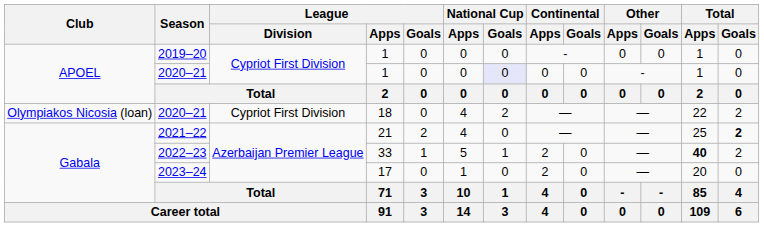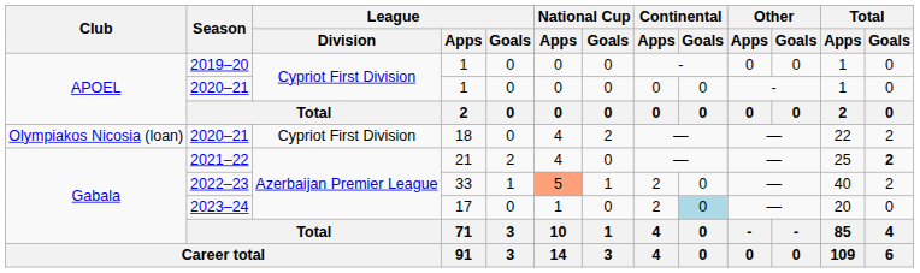 <table class="wikitable" style="text-align:center">
 <tr>
 <th rowspan="2">Club</th>
 <th rowspan="2">Season</th>
 <th colspan="3">League</th>
 <th colspan="2">National Cup</th>
 <th colspan="2">Continental</th>
 <th colspan="2">Other</th>
 <th colspan="2">Total</th>
 </tr>
 <tr>
 <th>Division</th>
 <th>Apps</th>
 <th>Goals</th>
 <th>Apps</th>
 <th>Goals</th>
 <th>Apps</th>
 <th>Goals</th>
 <th>Apps</th>
 <th>Goals</th>
 <th>Apps</th>
 <th>Goals</th>
 </tr>
 <tr>
 <td rowspan="3"><a href='#'>APOEL</a></td>
 <td><a href='#'>2019–20</a></td>
 <td rowspan="2"><a href='#'>Cypriot First Division</a></td>
 <td>1</td>
 <td>0</td>
 <td>0</td>
 <td>0</td>
 <td colspan="2">-</td>
 <td>0</td>
 <td>0</td>
 <td>1</td>
 <td>0</td>
 </tr>
 <tr>
 <td><a href='#'>2020–21</a></td>
 <td>1</td>
 <td>0</td>
 <td>0</td>
-<td style="background: lavender;">0</td>
+<td>0</td>
 <td>0</td>
 <td>0</td>
 <td colspan="2">-</td>
 <td>1</td>
 <td>0</td>
 </tr>
 <tr>
 <th colspan="2">Total</th>
 <th>2</th>
 <th>0</th>
 <th>0</th>
 <th>0</th>
 <th>0</th>
 <th>0</th>
 <th>0</th>
 <th>0</th>
 <th>2</th>
 <th>0</th>
 </tr>
 <tr>
 <td><a href='#'>Olympiakos Nicosia</a> (loan)</td>
 <td><a href='#'>2020–21</a></td>
 <td>Cypriot First Division</td>
 <td>18</td>
 <td>0</td>
 <td>4</td>
 <td>2</td>
 <td colspan="2">—</td>
 <td colspan="2">—</td>
 <td>22</td>
 <td>2</td>
 </tr>
 <tr>
 <td rowspan="4"><a href='#'>Gabala</a></td>
 <td><a href='#'>2021–22</a></td>
 <td rowspan="3"><a href='#'>Azerbaijan Premier League</a></td>
 <td>21</td>
 <td>2</td>
 <td>4</td>
 <td>0</td>
 <td colspan="2">—</td>
 <td colspan="2">—</td>
 <td>25</td>
 <td><strong>2</strong></td>
 </tr>
 <tr>
 <td><a href='#'>2022–23</a></td>
 <td>33</td>
 <td>1</td>
-<td>5</td>
+<td style="background: lightsalmon;">5</td>
 <td>1</td>
 <td>2</td>
 <td>0</td>
 <td colspan="2">—</td>
-<td><strong>40</strong></td>
+<td>40</td>
 <td>2</td>
 </tr>
 <tr>
 <td><a href='#'>2023–24</a></td>
 <td>17</td>
 <td>0</td>
 <td>1</td>
 <td>0</td>
 <td>2</td>
-<td>0</td>
+<td style="background: lightblue;">0</td>
 <td colspan="2">—</td>
 <td>20</td>
 <td>0</td>
 </tr>
 <tr>
 <th colspan="2">Total</th>
 <th>71</th>
 <th>3</th>
 <th>10</th>
 <th>1</th>
 <th>4</th>
 <th>0</th>
 <th>-</th>
 <th>-</th>
 <th>85</th>
 <th>4</th>
 </tr>
 <tr>
 <th colspan="3">Career total</th>
 <th>91</th>
 <th>3</th>
 <th>14</th>
 <th>3</th>
 <th>4</th>
 <th>0</th>
 <th>0</th>
 <th>0</th>
 <th>109</th>
 <th>6</th>
 </tr>
 </table>
